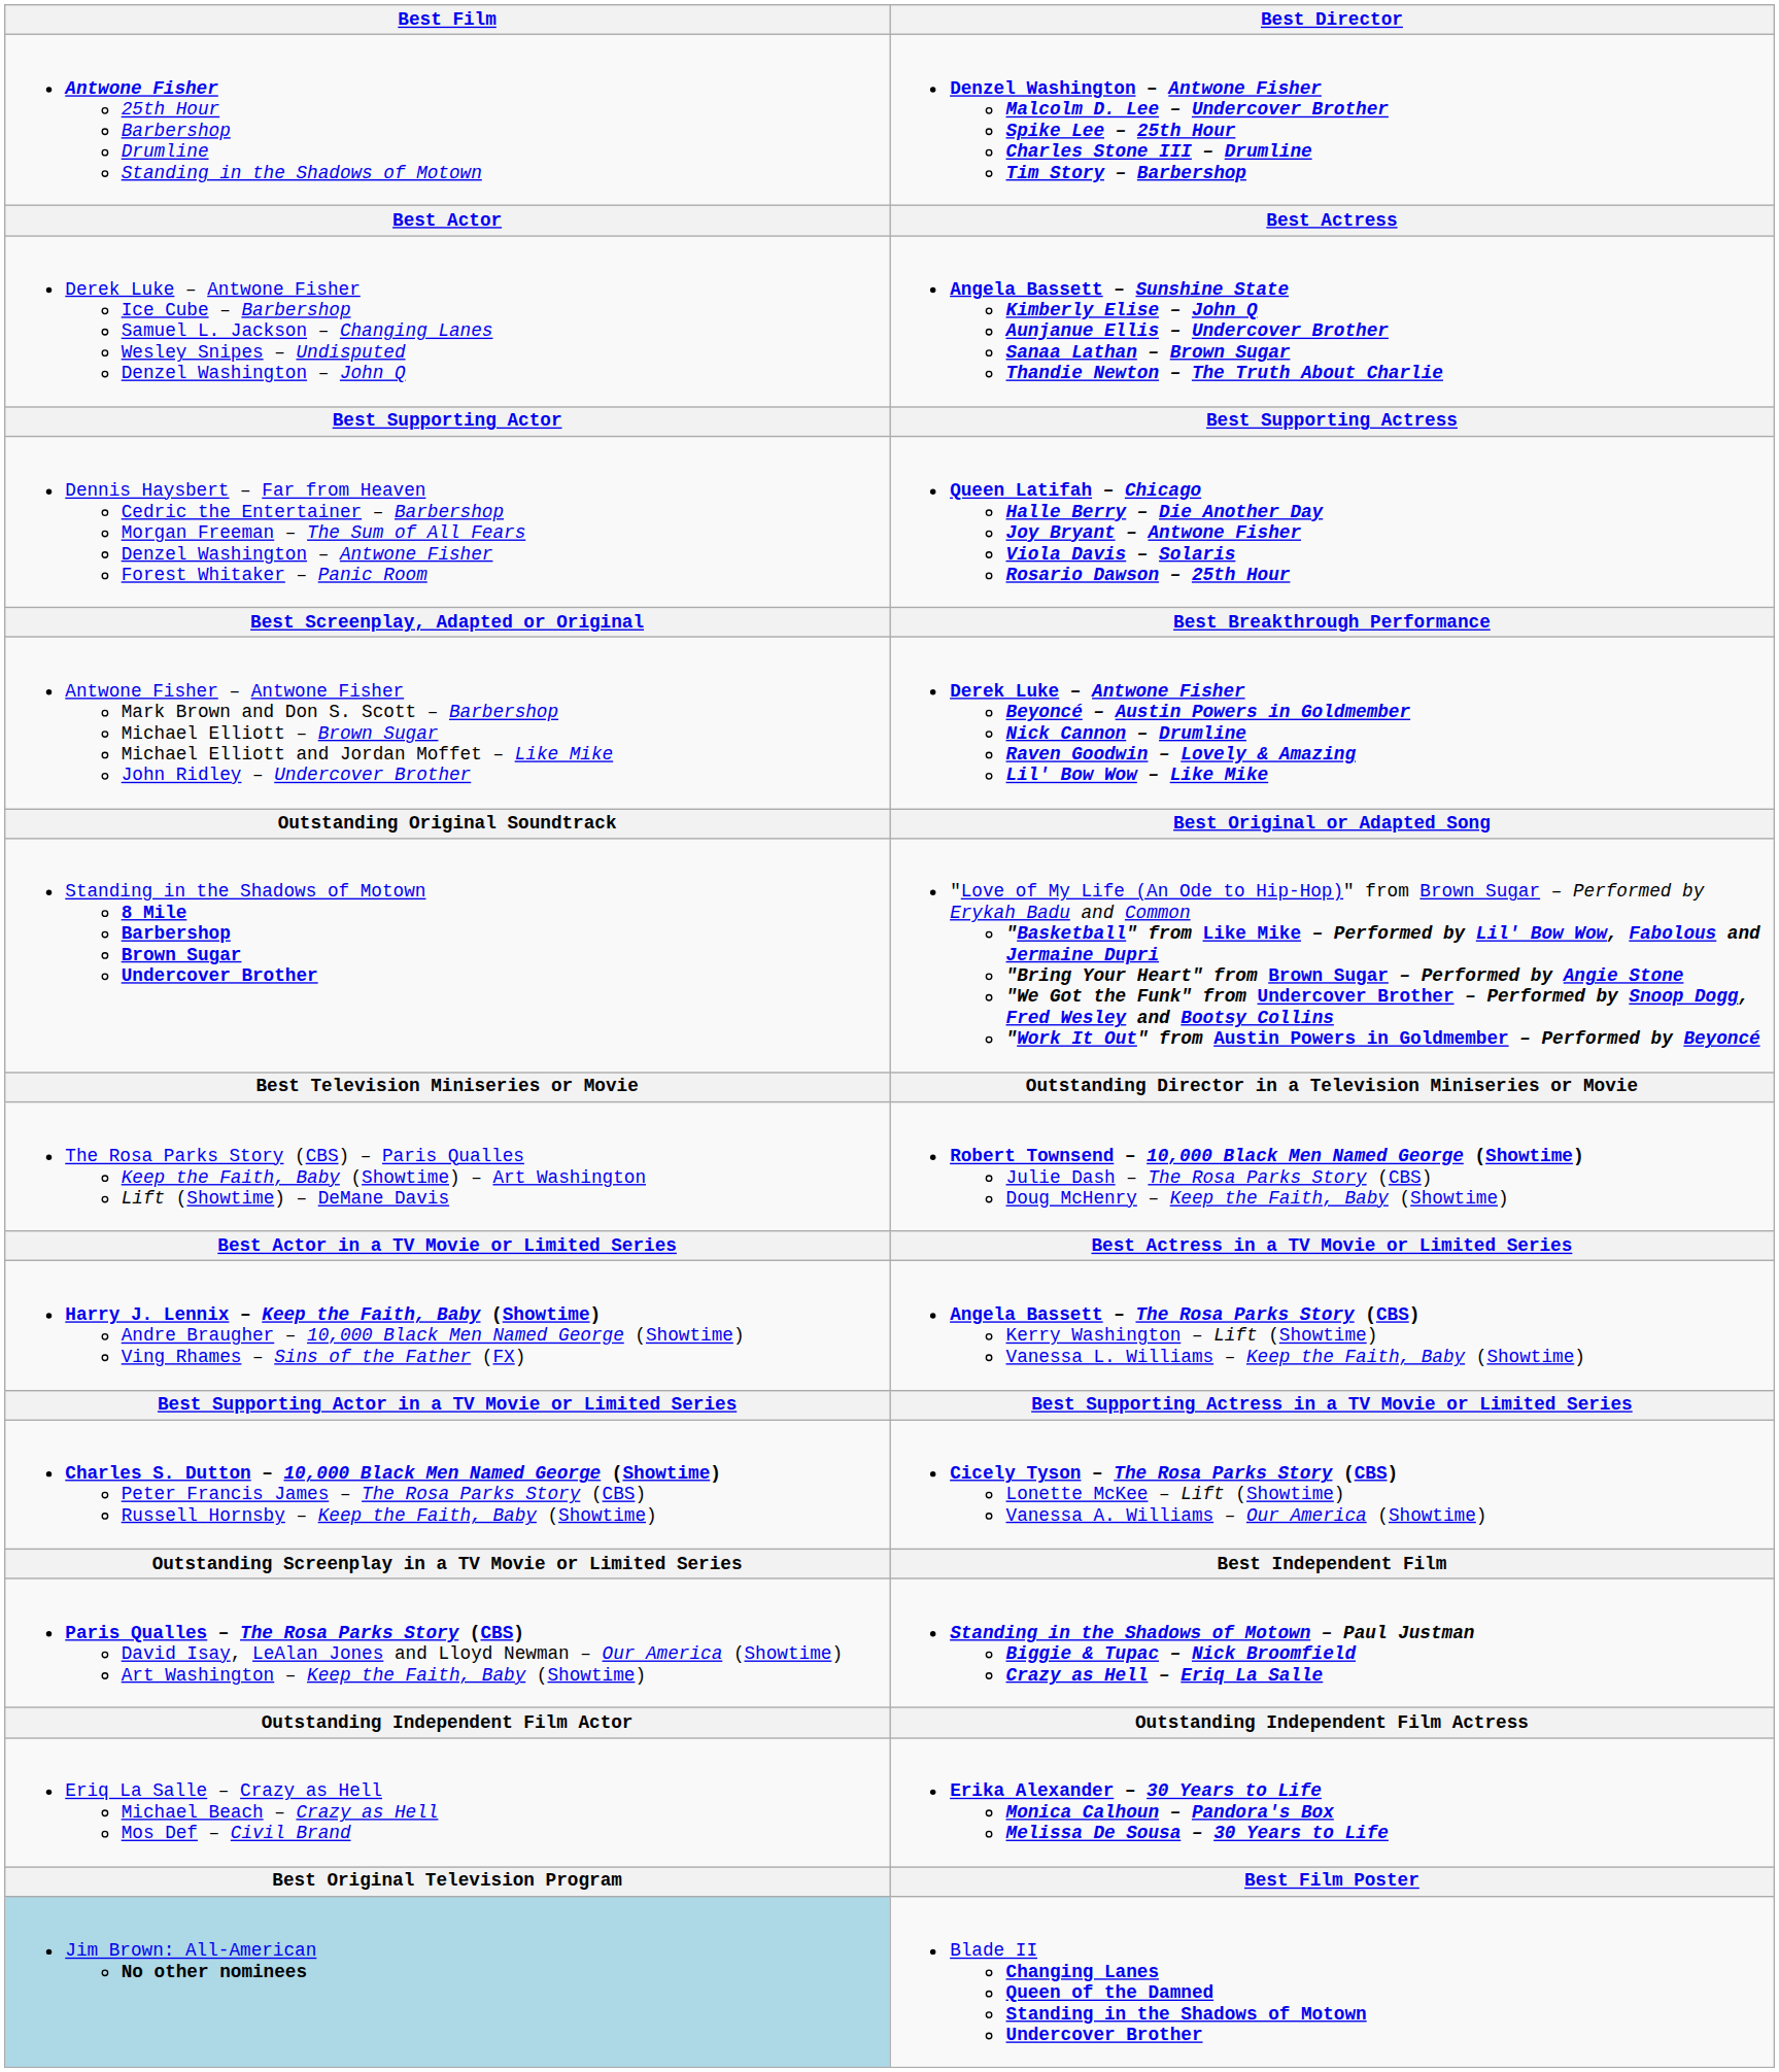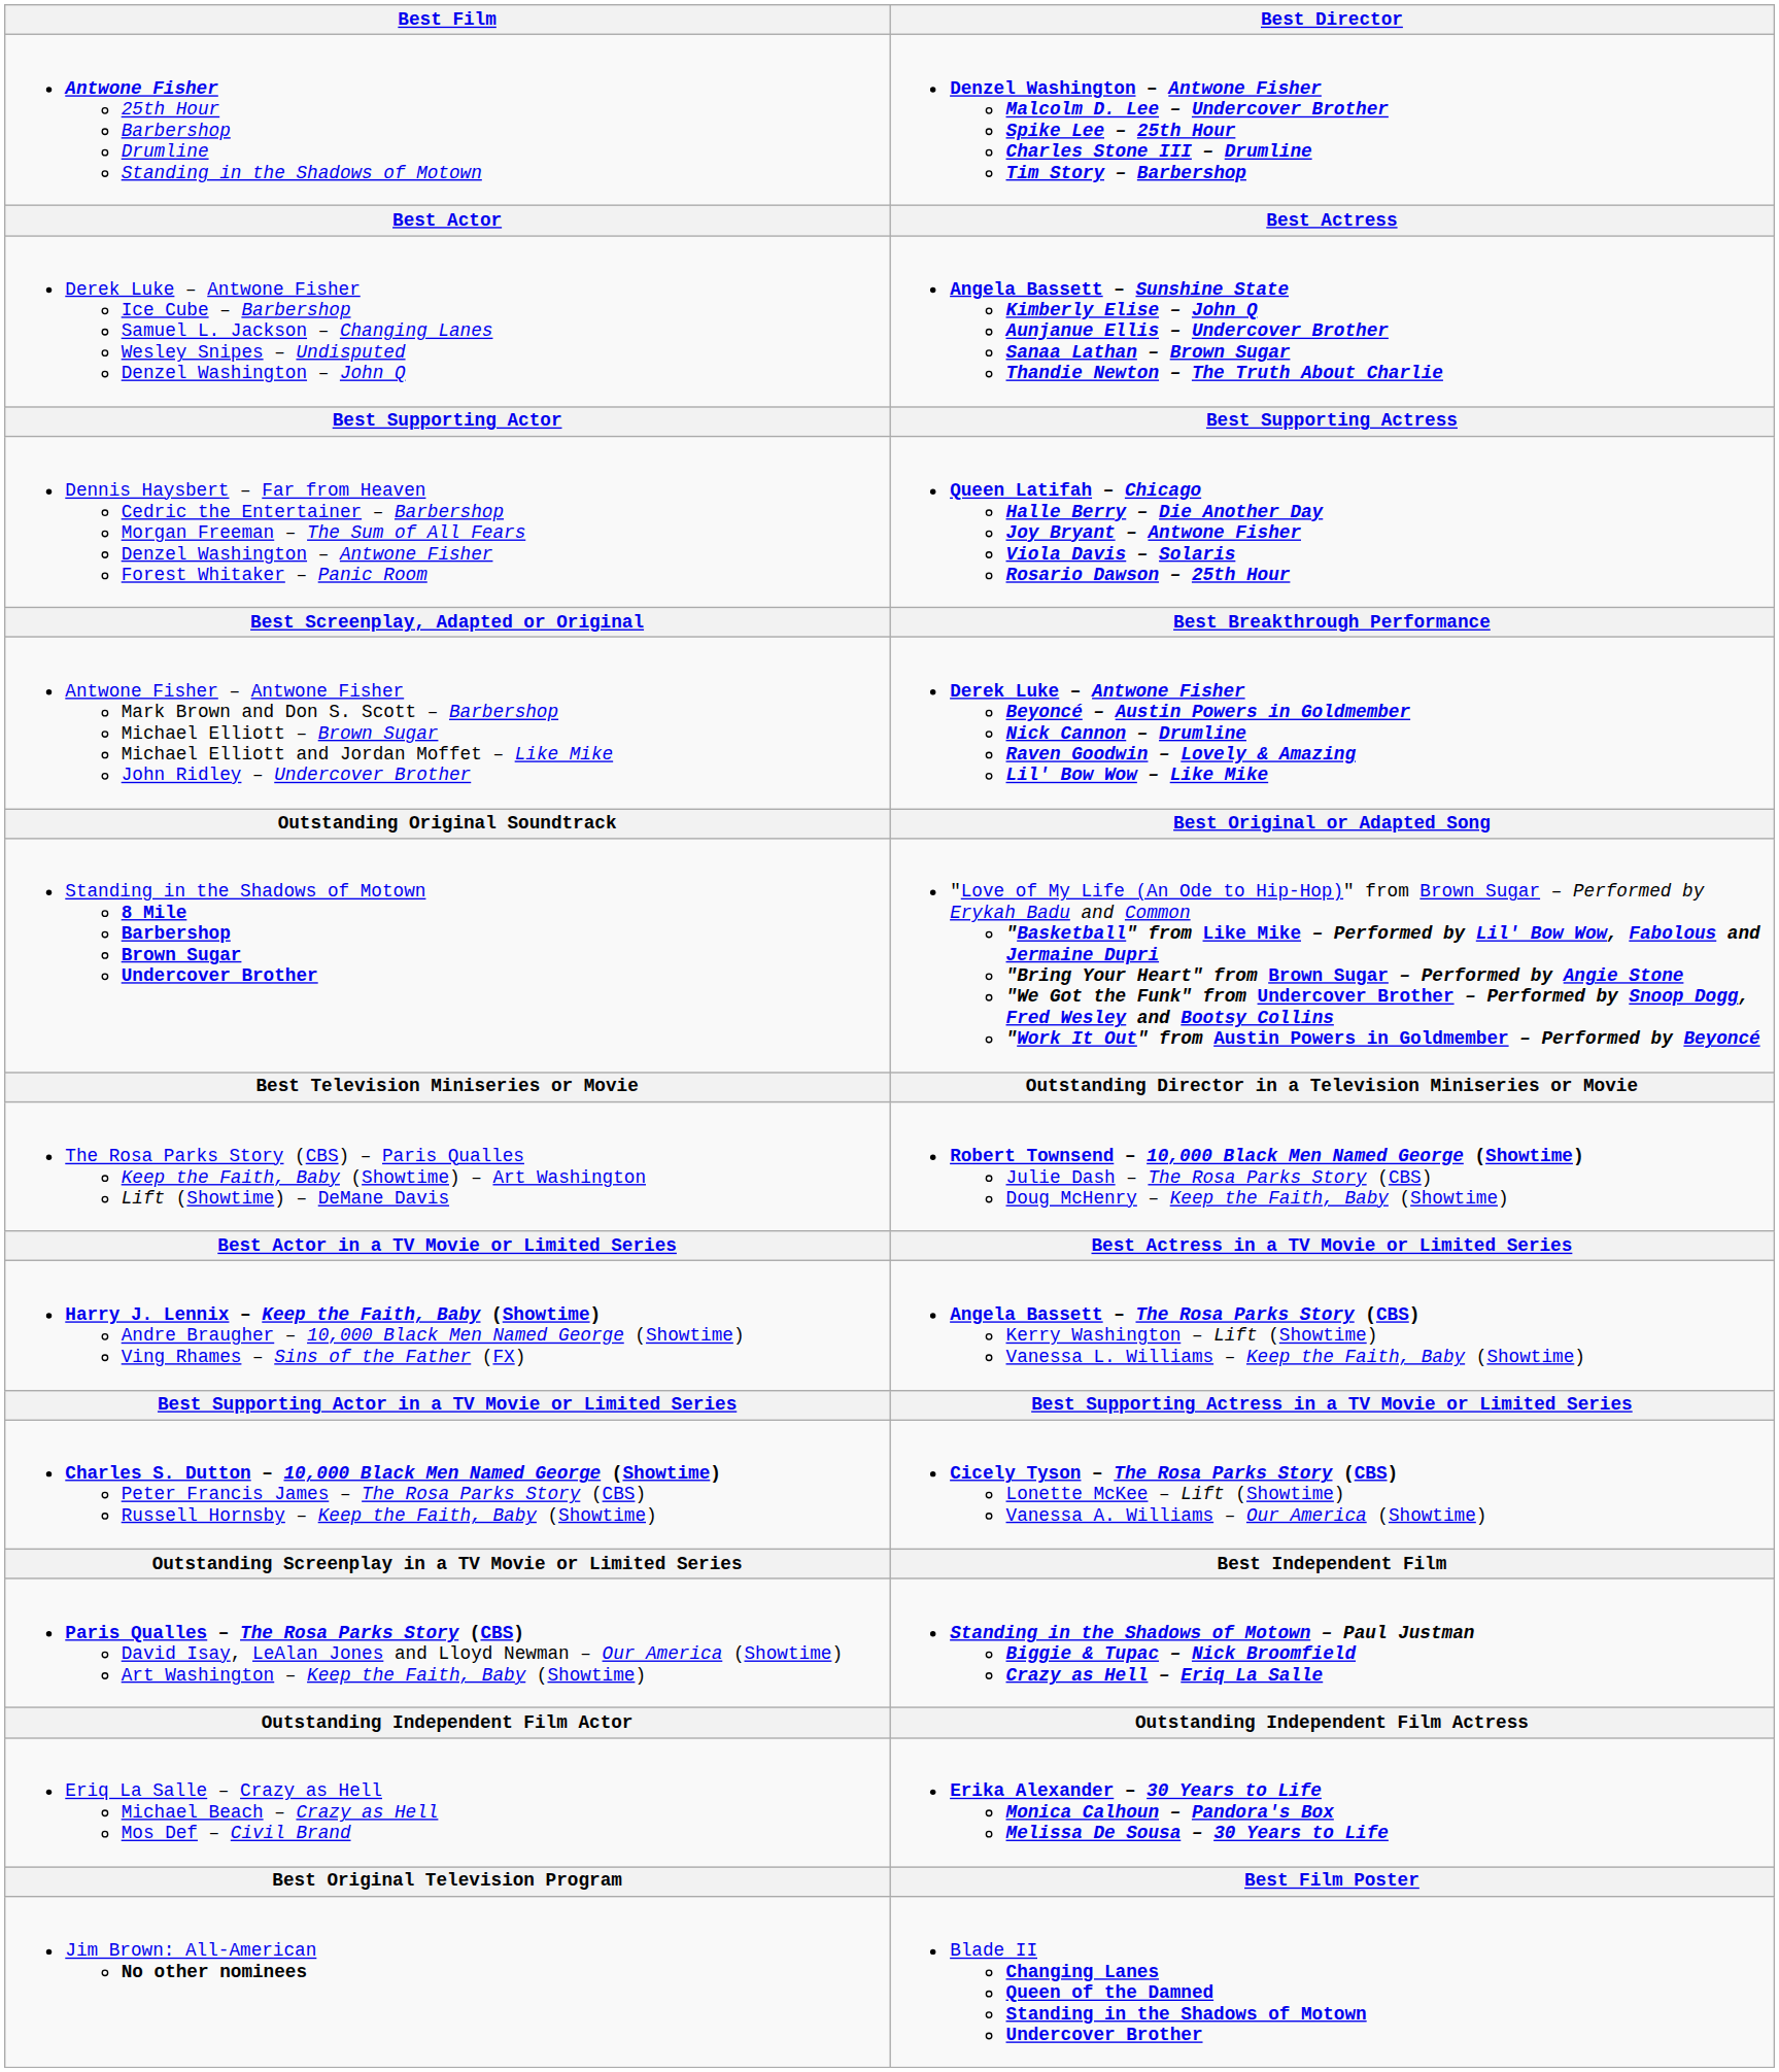 <table class=wikitable width="100%">
 <tr>
 <th width="50%"><a href='#'>Best Film</a></th>
 <th width="50%"><a href='#'>Best Director</a></th>
 </tr>
 <tr>
 <td valign="top"><br><ul><li><strong><em><a href='#'>Antwone Fisher</a></em></strong><ul><li><em><a href='#'>25th Hour</a></em></li><li><em><a href='#'>Barbershop</a></em></li><li><em><a href='#'>Drumline</a></em></li><li><em><a href='#'>Standing in the Shadows of Motown</a></em></li></ul></li></ul></td>
 <td valign="top"><br><ul><li><strong><a href='#'>Denzel Washington</a> – <em><a href='#'>Antwone Fisher</a><strong><em><ul><li><a href='#'>Malcolm D. Lee</a> – </em><a href='#'>Undercover Brother</a><em></li><li><a href='#'>Spike Lee</a> – </em><a href='#'>25th Hour</a><em></li><li><a href='#'>Charles Stone III</a> – </em><a href='#'>Drumline</a><em></li><li><a href='#'>Tim Story</a> – </em><a href='#'>Barbershop</a><em></li></ul></li></ul></td>
 </tr>
 <tr>
 <th width="50%"><a href='#'>Best Actor</a></th>
 <th width="50%"><a href='#'>Best Actress</a></th>
 </tr>
 <tr>
 <td valign="top"><br><ul><li></strong><a href='#'>Derek Luke</a> – </em><a href='#'>Antwone Fisher</a></em></strong><ul><li><a href='#'>Ice Cube</a> – <em><a href='#'>Barbershop</a></em></li><li><a href='#'>Samuel L. Jackson</a> – <em><a href='#'>Changing Lanes</a></em></li><li><a href='#'>Wesley Snipes</a> – <em><a href='#'>Undisputed</a></em></li><li><a href='#'>Denzel Washington</a> – <em><a href='#'>John Q</a></em></li></ul></li></ul></td>
 <td valign="top"><br><ul><li><strong><a href='#'>Angela Bassett</a> – <em><a href='#'>Sunshine State</a><strong><em><ul><li><a href='#'>Kimberly Elise</a> – </em><a href='#'>John Q</a><em></li><li><a href='#'>Aunjanue Ellis</a> – </em><a href='#'>Undercover Brother</a><em></li><li><a href='#'>Sanaa Lathan</a> – </em><a href='#'>Brown Sugar</a><em></li><li><a href='#'>Thandie Newton</a> – </em><a href='#'>The Truth About Charlie</a><em></li></ul></li></ul></td>
 </tr>
 <tr>
 <th width="50%"><a href='#'>Best Supporting Actor</a></th>
 <th width="50%"><a href='#'>Best Supporting Actress</a></th>
 </tr>
 <tr>
 <td valign="top"><br><ul><li></strong><a href='#'>Dennis Haysbert</a> – </em><a href='#'>Far from Heaven</a></em></strong><ul><li><a href='#'>Cedric the Entertainer</a> – <em><a href='#'>Barbershop</a></em></li><li><a href='#'>Morgan Freeman</a> – <em><a href='#'>The Sum of All Fears</a></em></li><li><a href='#'>Denzel Washington</a> – <em><a href='#'>Antwone Fisher</a></em></li><li><a href='#'>Forest Whitaker</a> – <em><a href='#'>Panic Room</a></em></li></ul></li></ul></td>
 <td valign="top"><br><ul><li><strong><a href='#'>Queen Latifah</a> – <em><a href='#'>Chicago</a><strong><em><ul><li><a href='#'>Halle Berry</a> – </em><a href='#'>Die Another Day</a><em></li><li><a href='#'>Joy Bryant</a> – </em><a href='#'>Antwone Fisher</a><em></li><li><a href='#'>Viola Davis</a> – </em><a href='#'>Solaris</a><em></li><li><a href='#'>Rosario Dawson</a> – </em><a href='#'>25th Hour</a><em></li></ul></li></ul></td>
 </tr>
 <tr>
 <th width="50%"><a href='#'>Best Screenplay, Adapted or Original</a></th>
 <th width="50%"><a href='#'>Best Breakthrough Performance</a></th>
 </tr>
 <tr>
 <td valign="top"><br><ul><li></strong><a href='#'>Antwone Fisher</a> – </em><a href='#'>Antwone Fisher</a></em></strong><ul><li>Mark Brown and Don S. Scott – <em><a href='#'>Barbershop</a></em></li><li>Michael Elliott – <em><a href='#'>Brown Sugar</a></em></li><li>Michael Elliott and Jordan Moffet – <em><a href='#'>Like Mike</a></em></li><li><a href='#'>John Ridley</a> – <em><a href='#'>Undercover Brother</a></em></li></ul></li></ul></td>
 <td valign="top"><br><ul><li><strong><a href='#'>Derek Luke</a> – <em><a href='#'>Antwone Fisher</a><strong><em><ul><li><a href='#'>Beyoncé</a> – </em><a href='#'>Austin Powers in Goldmember</a><em></li><li><a href='#'>Nick Cannon</a> – </em><a href='#'>Drumline</a><em></li><li><a href='#'>Raven Goodwin</a> – </em><a href='#'>Lovely & Amazing</a><em></li><li><a href='#'>Lil' Bow Wow</a> – </em><a href='#'>Like Mike</a><em></li></ul></li></ul></td>
 </tr>
 <tr>
 <th width="50%">Outstanding Original Soundtrack</th>
 <th width="50%"><a href='#'>Best Original or Adapted Song</a></th>
 </tr>
 <tr>
 <td valign="top"><br><ul><li></em></strong><a href='#'>Standing in the Shadows of Motown</a><strong><em><ul><li></em><a href='#'>8 Mile</a><em></li><li></em><a href='#'>Barbershop</a><em></li><li></em><a href='#'>Brown Sugar</a><em></li><li></em><a href='#'>Undercover Brother</a><em></li></ul></li></ul></td>
 <td valign="top"><br><ul><li></strong>"<a href='#'>Love of My Life (An Ode to Hip-Hop)</a>" from </em><a href='#'>Brown Sugar</a><em> – Performed by <a href='#'>Erykah Badu</a> and <a href='#'>Common</a><strong><ul><li>"<a href='#'>Basketball</a>" from </em><a href='#'>Like Mike</a><em> – Performed by <a href='#'>Lil' Bow Wow</a>, <a href='#'>Fabolous</a> and <a href='#'>Jermaine Dupri</a></li><li>"Bring Your Heart" from </em><a href='#'>Brown Sugar</a><em> – Performed by <a href='#'>Angie Stone</a></li><li>"We Got the Funk" from </em><a href='#'>Undercover Brother</a><em> – Performed by <a href='#'>Snoop Dogg</a>, <a href='#'>Fred Wesley</a> and <a href='#'>Bootsy Collins</a></li><li>"<a href='#'>Work It Out</a>" from </em><a href='#'>Austin Powers in Goldmember</a><em> – Performed by <a href='#'>Beyoncé</a></li></ul></li></ul></td>
 </tr>
 <tr>
 <th width="50%">Best Television Miniseries or Movie</th>
 <th width="50%">Outstanding Director in a Television Miniseries or Movie</th>
 </tr>
 <tr>
 <td valign="top"><br><ul><li></em></strong><a href='#'>The Rosa Parks Story</a></em> (<a href='#'>CBS</a>) – <a href='#'>Paris Qualles</a></strong><ul><li><em><a href='#'>Keep the Faith, Baby</a></em> (<a href='#'>Showtime</a>) – <a href='#'>Art Washington</a></li><li><em>Lift</em> (<a href='#'>Showtime</a>) – <a href='#'>DeMane Davis</a></li></ul></li></ul></td>
 <td valign="top"><br><ul><li><strong><a href='#'>Robert Townsend</a> – <em><a href='#'>10,000 Black Men Named George</a></em> (<a href='#'>Showtime</a>)</strong><ul><li><a href='#'>Julie Dash</a> – <em><a href='#'>The Rosa Parks Story</a></em> (<a href='#'>CBS</a>)</li><li><a href='#'>Doug McHenry</a> – <em><a href='#'>Keep the Faith, Baby</a></em> (<a href='#'>Showtime</a>)</li></ul></li></ul></td>
 </tr>
 <tr>
 <th width="50%"><a href='#'>Best Actor in a TV Movie or Limited Series</a></th>
 <th width="50%"><a href='#'>Best Actress in a TV Movie or Limited Series</a></th>
 </tr>
 <tr>
 <td valign="top"><br><ul><li><strong><a href='#'>Harry J. Lennix</a> – <em><a href='#'>Keep the Faith, Baby</a></em> (<a href='#'>Showtime</a>)</strong><ul><li><a href='#'>Andre Braugher</a> – <em><a href='#'>10,000 Black Men Named George</a></em> (<a href='#'>Showtime</a>)</li><li><a href='#'>Ving Rhames</a> – <em><a href='#'>Sins of the Father</a></em> (<a href='#'>FX</a>)</li></ul></li></ul></td>
 <td valign="top"><br><ul><li><strong><a href='#'>Angela Bassett</a> – <em><a href='#'>The Rosa Parks Story</a></em> (<a href='#'>CBS</a>)</strong><ul><li><a href='#'>Kerry Washington</a> – <em>Lift</em> (<a href='#'>Showtime</a>)</li><li><a href='#'>Vanessa L. Williams</a> – <em><a href='#'>Keep the Faith, Baby</a></em> (<a href='#'>Showtime</a>)</li></ul></li></ul></td>
 </tr>
 <tr>
 <th width="50%"><a href='#'>Best Supporting Actor in a TV Movie or Limited Series</a></th>
 <th width="50%"><a href='#'>Best Supporting Actress in a TV Movie or Limited Series</a></th>
 </tr>
 <tr>
 <td valign="top"><br><ul><li><strong><a href='#'>Charles S. Dutton</a> – <em><a href='#'>10,000 Black Men Named George</a></em> (<a href='#'>Showtime</a>)</strong><ul><li><a href='#'>Peter Francis James</a> – <em><a href='#'>The Rosa Parks Story</a></em> (<a href='#'>CBS</a>)</li><li><a href='#'>Russell Hornsby</a> – <em><a href='#'>Keep the Faith, Baby</a></em> (<a href='#'>Showtime</a>)</li></ul></li></ul></td>
 <td valign="top"><br><ul><li><strong><a href='#'>Cicely Tyson</a> – <em><a href='#'>The Rosa Parks Story</a></em> (<a href='#'>CBS</a>)</strong><ul><li><a href='#'>Lonette McKee</a> – <em>Lift</em> (<a href='#'>Showtime</a>)</li><li><a href='#'>Vanessa A. Williams</a> – <em><a href='#'>Our America</a></em> (<a href='#'>Showtime</a>)</li></ul></li></ul></td>
 </tr>
 <tr>
 <th width="50%">Outstanding Screenplay in a TV Movie or Limited Series</th>
 <th width="50%">Best Independent Film</th>
 </tr>
 <tr>
 <td valign="top"><br><ul><li><strong><a href='#'>Paris Qualles</a> – <em><a href='#'>The Rosa Parks Story</a></em> (<a href='#'>CBS</a>)</strong><ul><li><a href='#'>David Isay</a>, <a href='#'>LeAlan Jones</a> and Lloyd Newman – <em><a href='#'>Our America</a></em> (<a href='#'>Showtime</a>)</li><li><a href='#'>Art Washington</a> – <em><a href='#'>Keep the Faith, Baby</a></em> (<a href='#'>Showtime</a>)</li></ul></li></ul></td>
 <td valign="top"><br><ul><li><strong><em><a href='#'>Standing in the Shadows of Motown</a><em> – Paul Justman<strong><ul><li></em><a href='#'>Biggie & Tupac</a><em> – <a href='#'>Nick Broomfield</a></li><li></em><a href='#'>Crazy as Hell</a><em> – <a href='#'>Eriq La Salle</a></li></ul></li></ul></td>
 </tr>
 <tr>
 <th width="50%">Outstanding Independent Film Actor</th>
 <th width="50%">Outstanding Independent Film Actress</th>
 </tr>
 <tr>
 <td valign="top"><br><ul><li></strong><a href='#'>Eriq La Salle</a> – </em><a href='#'>Crazy as Hell</a></em></strong><ul><li><a href='#'>Michael Beach</a> – <em><a href='#'>Crazy as Hell</a></em></li><li><a href='#'>Mos Def</a> – <em><a href='#'>Civil Brand</a></em></li></ul></li></ul></td>
 <td valign="top"><br><ul><li><strong><a href='#'>Erika Alexander</a> – <em><a href='#'>30 Years to Life</a><strong><em><ul><li><a href='#'>Monica Calhoun</a> – </em><a href='#'>Pandora's Box</a><em></li><li><a href='#'>Melissa De Sousa</a> – </em><a href='#'>30 Years to Life</a><em></li></ul></li></ul></td>
 </tr>
 <tr>
 <th width="50%">Best Original Television Program</th>
 <th width="50%"><a href='#'>Best Film Poster</a></th>
 </tr>
 <tr>
-<td valign="top" style="background: lightblue;"><br><ul><li></em></strong><a href='#'>Jim Brown: All-American</a><strong><em><ul><li></em>No other nominees<em></li></ul></li></ul></td>
+<td valign="top"><br><ul><li></em></strong><a href='#'>Jim Brown: All-American</a><strong><em><ul><li></em>No other nominees<em></li></ul></li></ul></td>
 <td valign="top"><br><ul><li></em></strong><a href='#'>Blade II</a><strong><em><ul><li></em><a href='#'>Changing Lanes</a><em></li><li></em><a href='#'>Queen of the Damned</a><em></li><li></em><a href='#'>Standing in the Shadows of Motown</a><em></li><li></em><a href='#'>Undercover Brother</a><em></li></ul></li></ul></td>
 </tr>
 </table>
